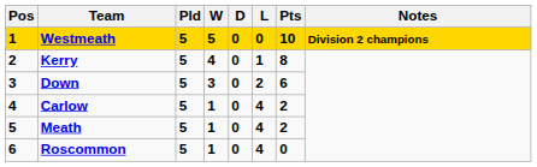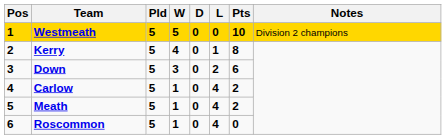 <table class="wikitable" style="text-align: centre;">
 <tr>
 <th width=20>Pos</th>
 <th width=150>Team</th>
 <th width=20>Pld</th>
 <th width=20>W</th>
 <th width=20>D</th>
 <th width=20>L</th>
 <th width=20>Pts</th>
 <th width=250>Notes</th>
 </tr>
 <tr style="background:gold;">
 <td><strong>1</strong></td>
 <td align=left><strong> <a href='#'>Westmeath</a> </strong></td>
 <td><strong>5</strong></td>
 <td><strong>5</strong></td>
 <td><strong>0</strong></td>
 <td><strong>0</strong></td>
 <td><strong>10</strong></td>
-<td><strong><small> Division 2 champions</small></strong></td>
+<td><small> Division 2 champions</small></td>
 </tr>
 <tr style>
 <td><strong>2</strong></td>
 <td align=left><strong> <a href='#'>Kerry</a> </strong></td>
 <td><strong>5</strong></td>
 <td><strong>4</strong></td>
 <td><strong>0</strong></td>
 <td><strong>1</strong></td>
 <td><strong>8</strong></td>
 </tr>
 <tr style>
 <td><strong>3</strong></td>
 <td align=left><strong> <a href='#'>Down</a> </strong></td>
 <td><strong>5</strong></td>
 <td><strong>3</strong></td>
 <td><strong>0</strong></td>
 <td><strong>2</strong></td>
 <td><strong>6</strong></td>
 </tr>
 <tr style>
 <td><strong>4</strong></td>
 <td align=left><strong> <a href='#'>Carlow</a> </strong></td>
 <td><strong>5</strong></td>
 <td><strong>1</strong></td>
 <td><strong>0</strong></td>
 <td><strong>4</strong></td>
 <td><strong>2</strong></td>
 </tr>
 <tr style>
 <td><strong>5</strong></td>
 <td align=left><strong> <a href='#'>Meath</a> </strong></td>
 <td><strong>5</strong></td>
 <td><strong>1</strong></td>
 <td><strong>0</strong></td>
 <td><strong>4</strong></td>
 <td><strong>2</strong></td>
 </tr>
 <tr style>
 <td><strong>6</strong></td>
 <td align=left><strong> <a href='#'>Roscommon</a> </strong></td>
 <td><strong>5</strong></td>
 <td><strong>1</strong></td>
 <td><strong>0</strong></td>
 <td><strong>4</strong></td>
 <td><strong>0</strong></td>
 </tr>
 </table>
